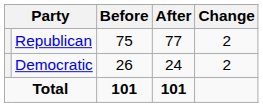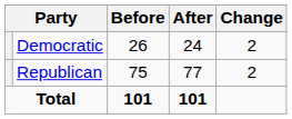 <table class="wikitable" style="text-align:center;">
 <tr>
 </tr>
 <tr>
 <th colspan=2>Party</th>
 <th>Before</th>
 <th>After</th>
 <th>Change</th>
 </tr>
 <tr>
 <th style="background-color:"></th>
-<td style="text-align:left;"><a href='#'>Republican</a></td>
-<td>75</td>
-<td>77</td>
+<td style="text-align:left;"><a href='#'>Democratic</a></td>
+<td>26</td>
+<td>24</td>
 <td> 2</td>
 </tr>
 <tr>
 <th style="background-color:"></th>
-<td style="text-align:left;"><a href='#'>Democratic</a></td>
-<td>26</td>
-<td>24</td>
+<td style="text-align:left;"><a href='#'>Republican</a></td>
+<td>75</td>
+<td>77</td>
 <td> 2</td>
 </tr>
 <tr>
 <td colspan=2><strong>Total</strong></td>
 <td><strong>101</strong></td>
 <td><strong>101</strong></td>
 <td></td>
 </tr>
 </table>
